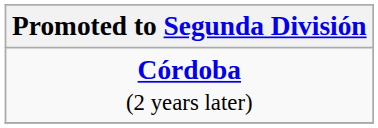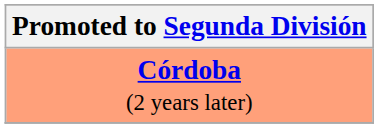 <table class="wikitable" style="text-align: center; margin: 0 auto;">
 <tr>
 <th colspan="2">Promoted to <a href='#'>Segunda División</a></th>
 </tr>
 <tr>
-<td><strong><a href='#'>Córdoba</a></strong><br><small>(2 years later)</small></td>
+<td style="background: lightsalmon;"><strong><a href='#'>Córdoba</a></strong><br><small>(2 years later)</small></td>
 </tr>
 <tr>
 </tr>
 </table>
